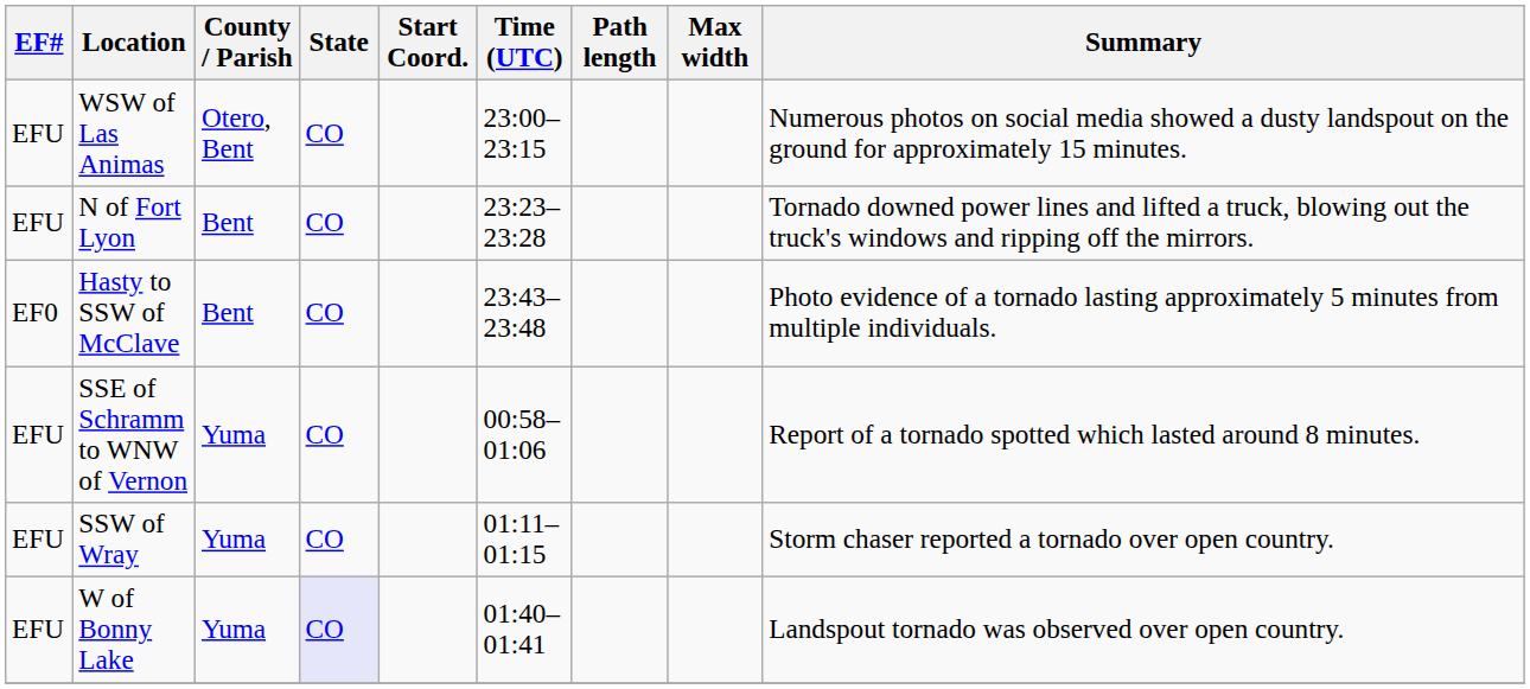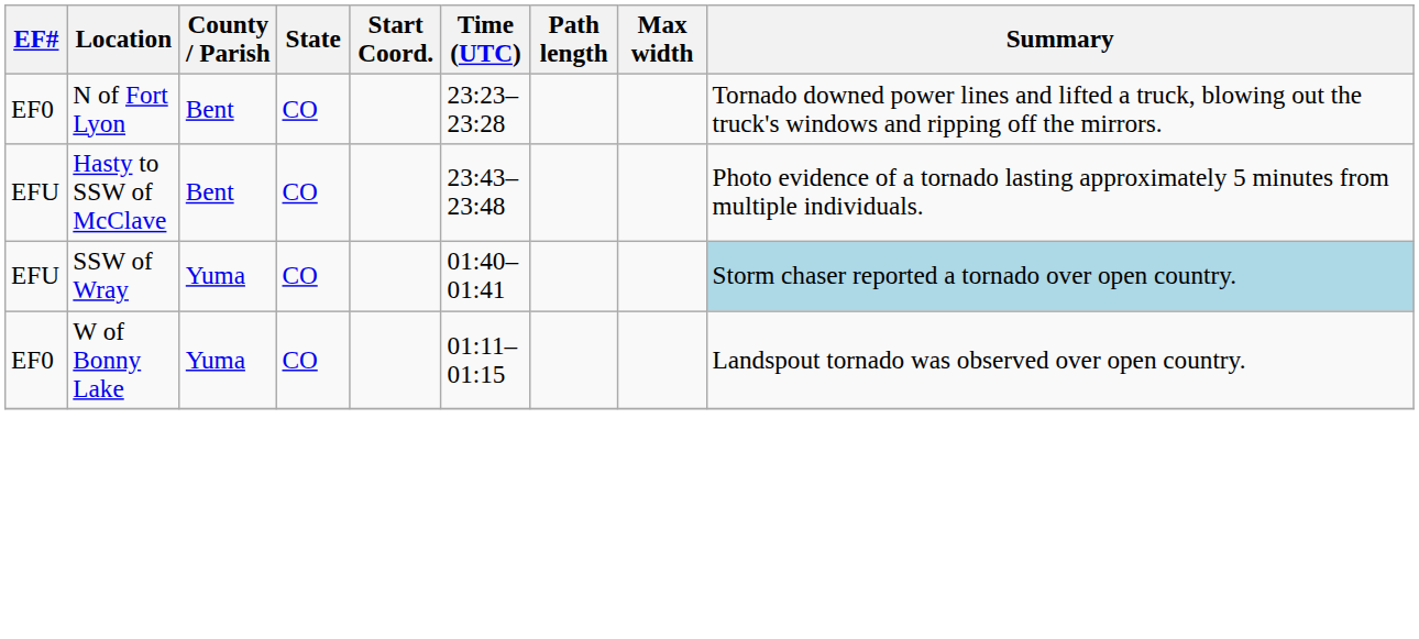 <table class="wikitable sortable" style="width:100%;">
 <tr>
 <th scope="col"  style="width:3%; text-align:center;"><a href='#'>EF#</a></th>
 <th scope="col"  style="width:7%; text-align:center;" class="unsortable">Location</th>
 <th scope="col"  style="width:6%; text-align:center;" class="unsortable">County / Parish</th>
 <th scope="col"  style="width:5%; text-align:center;">State</th>
 <th scope="col"  style="width:6%; text-align:center;">Start Coord.</th>
 <th scope="col"  style="width:6%; text-align:center;">Time (<a href='#'>UTC</a>)</th>
 <th scope="col"  style="width:6%; text-align:center;">Path length</th>
 <th scope="col"  style="width:6%; text-align:center;">Max width</th>
 <th scope="col" class="unsortable" style="width:48%; text-align:center;">Summary</th>
 </tr>
 <tr>
-<td>EFU</td>
-<td>WSW of <a href='#'>Las Animas</a></td>
-<td><a href='#'>Otero</a>, <a href='#'>Bent</a></td>
-<td><a href='#'>CO</a></td>
-<td></td>
-<td>23:00–23:15</td>
-<td></td>
-<td></td>
-<td>Numerous photos on social media showed a dusty landspout on the ground for approximately 15 minutes.</td>
-</tr>
-<tr>
-<td>EFU</td>
+<td>EF0</td>
 <td>N of <a href='#'>Fort Lyon</a></td>
 <td><a href='#'>Bent</a></td>
 <td><a href='#'>CO</a></td>
 <td></td>
 <td>23:23–23:28</td>
 <td></td>
 <td></td>
 <td>Tornado downed power lines and lifted a truck, blowing out the truck's windows and ripping off the mirrors.</td>
 </tr>
 <tr>
-<td>EF0</td>
+<td>EFU</td>
 <td><a href='#'>Hasty</a> to SSW of <a href='#'>McClave</a></td>
 <td><a href='#'>Bent</a></td>
 <td><a href='#'>CO</a></td>
 <td></td>
 <td>23:43–23:48</td>
 <td></td>
 <td></td>
 <td>Photo evidence of a tornado lasting approximately 5 minutes from multiple individuals.</td>
 </tr>
 <tr>
 <td>EFU</td>
-<td>SSE of <a href='#'>Schramm</a> to WNW of <a href='#'>Vernon</a></td>
-<td><a href='#'>Yuma</a></td>
-<td><a href='#'>CO</a></td>
-<td></td>
-<td>00:58–01:06</td>
-<td></td>
-<td></td>
-<td>Report of a tornado spotted which lasted around 8 minutes.</td>
-</tr>
-<tr>
-<td>EFU</td>
 <td>SSW of <a href='#'>Wray</a></td>
 <td><a href='#'>Yuma</a></td>
 <td><a href='#'>CO</a></td>
 <td></td>
-<td>01:11–01:15</td>
+<td>01:40–01:41</td>
 <td></td>
 <td></td>
-<td>Storm chaser reported a tornado over open country.</td>
+<td style="background: lightblue;">Storm chaser reported a tornado over open country.</td>
 </tr>
 <tr>
-<td>EFU</td>
+<td>EF0</td>
 <td>W of <a href='#'>Bonny Lake</a></td>
 <td><a href='#'>Yuma</a></td>
-<td style="background: lavender;"><a href='#'>CO</a></td>
+<td><a href='#'>CO</a></td>
 <td></td>
-<td>01:40–01:41</td>
+<td>01:11–01:15</td>
 <td></td>
 <td></td>
 <td>Landspout tornado was observed over open country.</td>
 </tr>
 <tr>
 </tr>
 </table>
